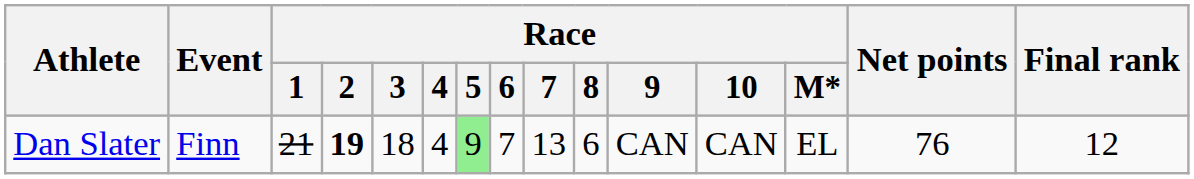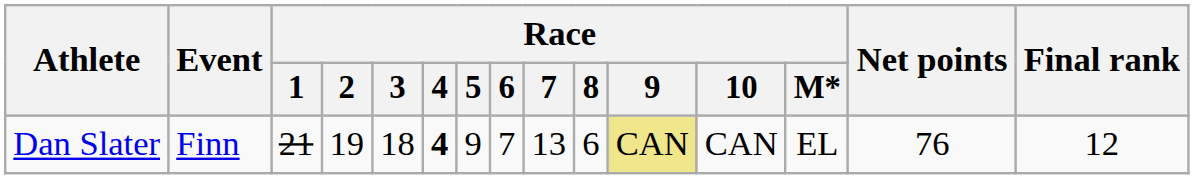 <table class="wikitable" style="font-size:90%">
 <tr>
 <th rowspan=2>Athlete</th>
 <th rowspan=2>Event</th>
 <th colspan=11>Race</th>
 <th rowspan=2>Net points</th>
 <th rowspan=2>Final rank</th>
 </tr>
 <tr style="font-size:95%">
 <th>1</th>
 <th>2</th>
 <th>3</th>
 <th>4</th>
 <th>5</th>
 <th>6</th>
 <th>7</th>
 <th>8</th>
 <th>9</th>
 <th>10</th>
 <th>M*</th>
 </tr>
 <tr align=center>
 <td align=left><a href='#'>Dan Slater</a></td>
 <td align=left><a href='#'>Finn</a></td>
 <td><s>21</s></td>
-<td><strong>19</strong></td>
+<td>19</td>
 <td>18</td>
-<td>4</td>
-<td style="background: lightgreen;">9</td>
+<td><strong>4</strong></td>
+<td>9</td>
 <td>7</td>
 <td>13</td>
 <td>6</td>
-<td>CAN</td>
+<td style="background: khaki;">CAN</td>
 <td>CAN</td>
 <td>EL</td>
 <td>76</td>
 <td>12</td>
 </tr>
 </table>
